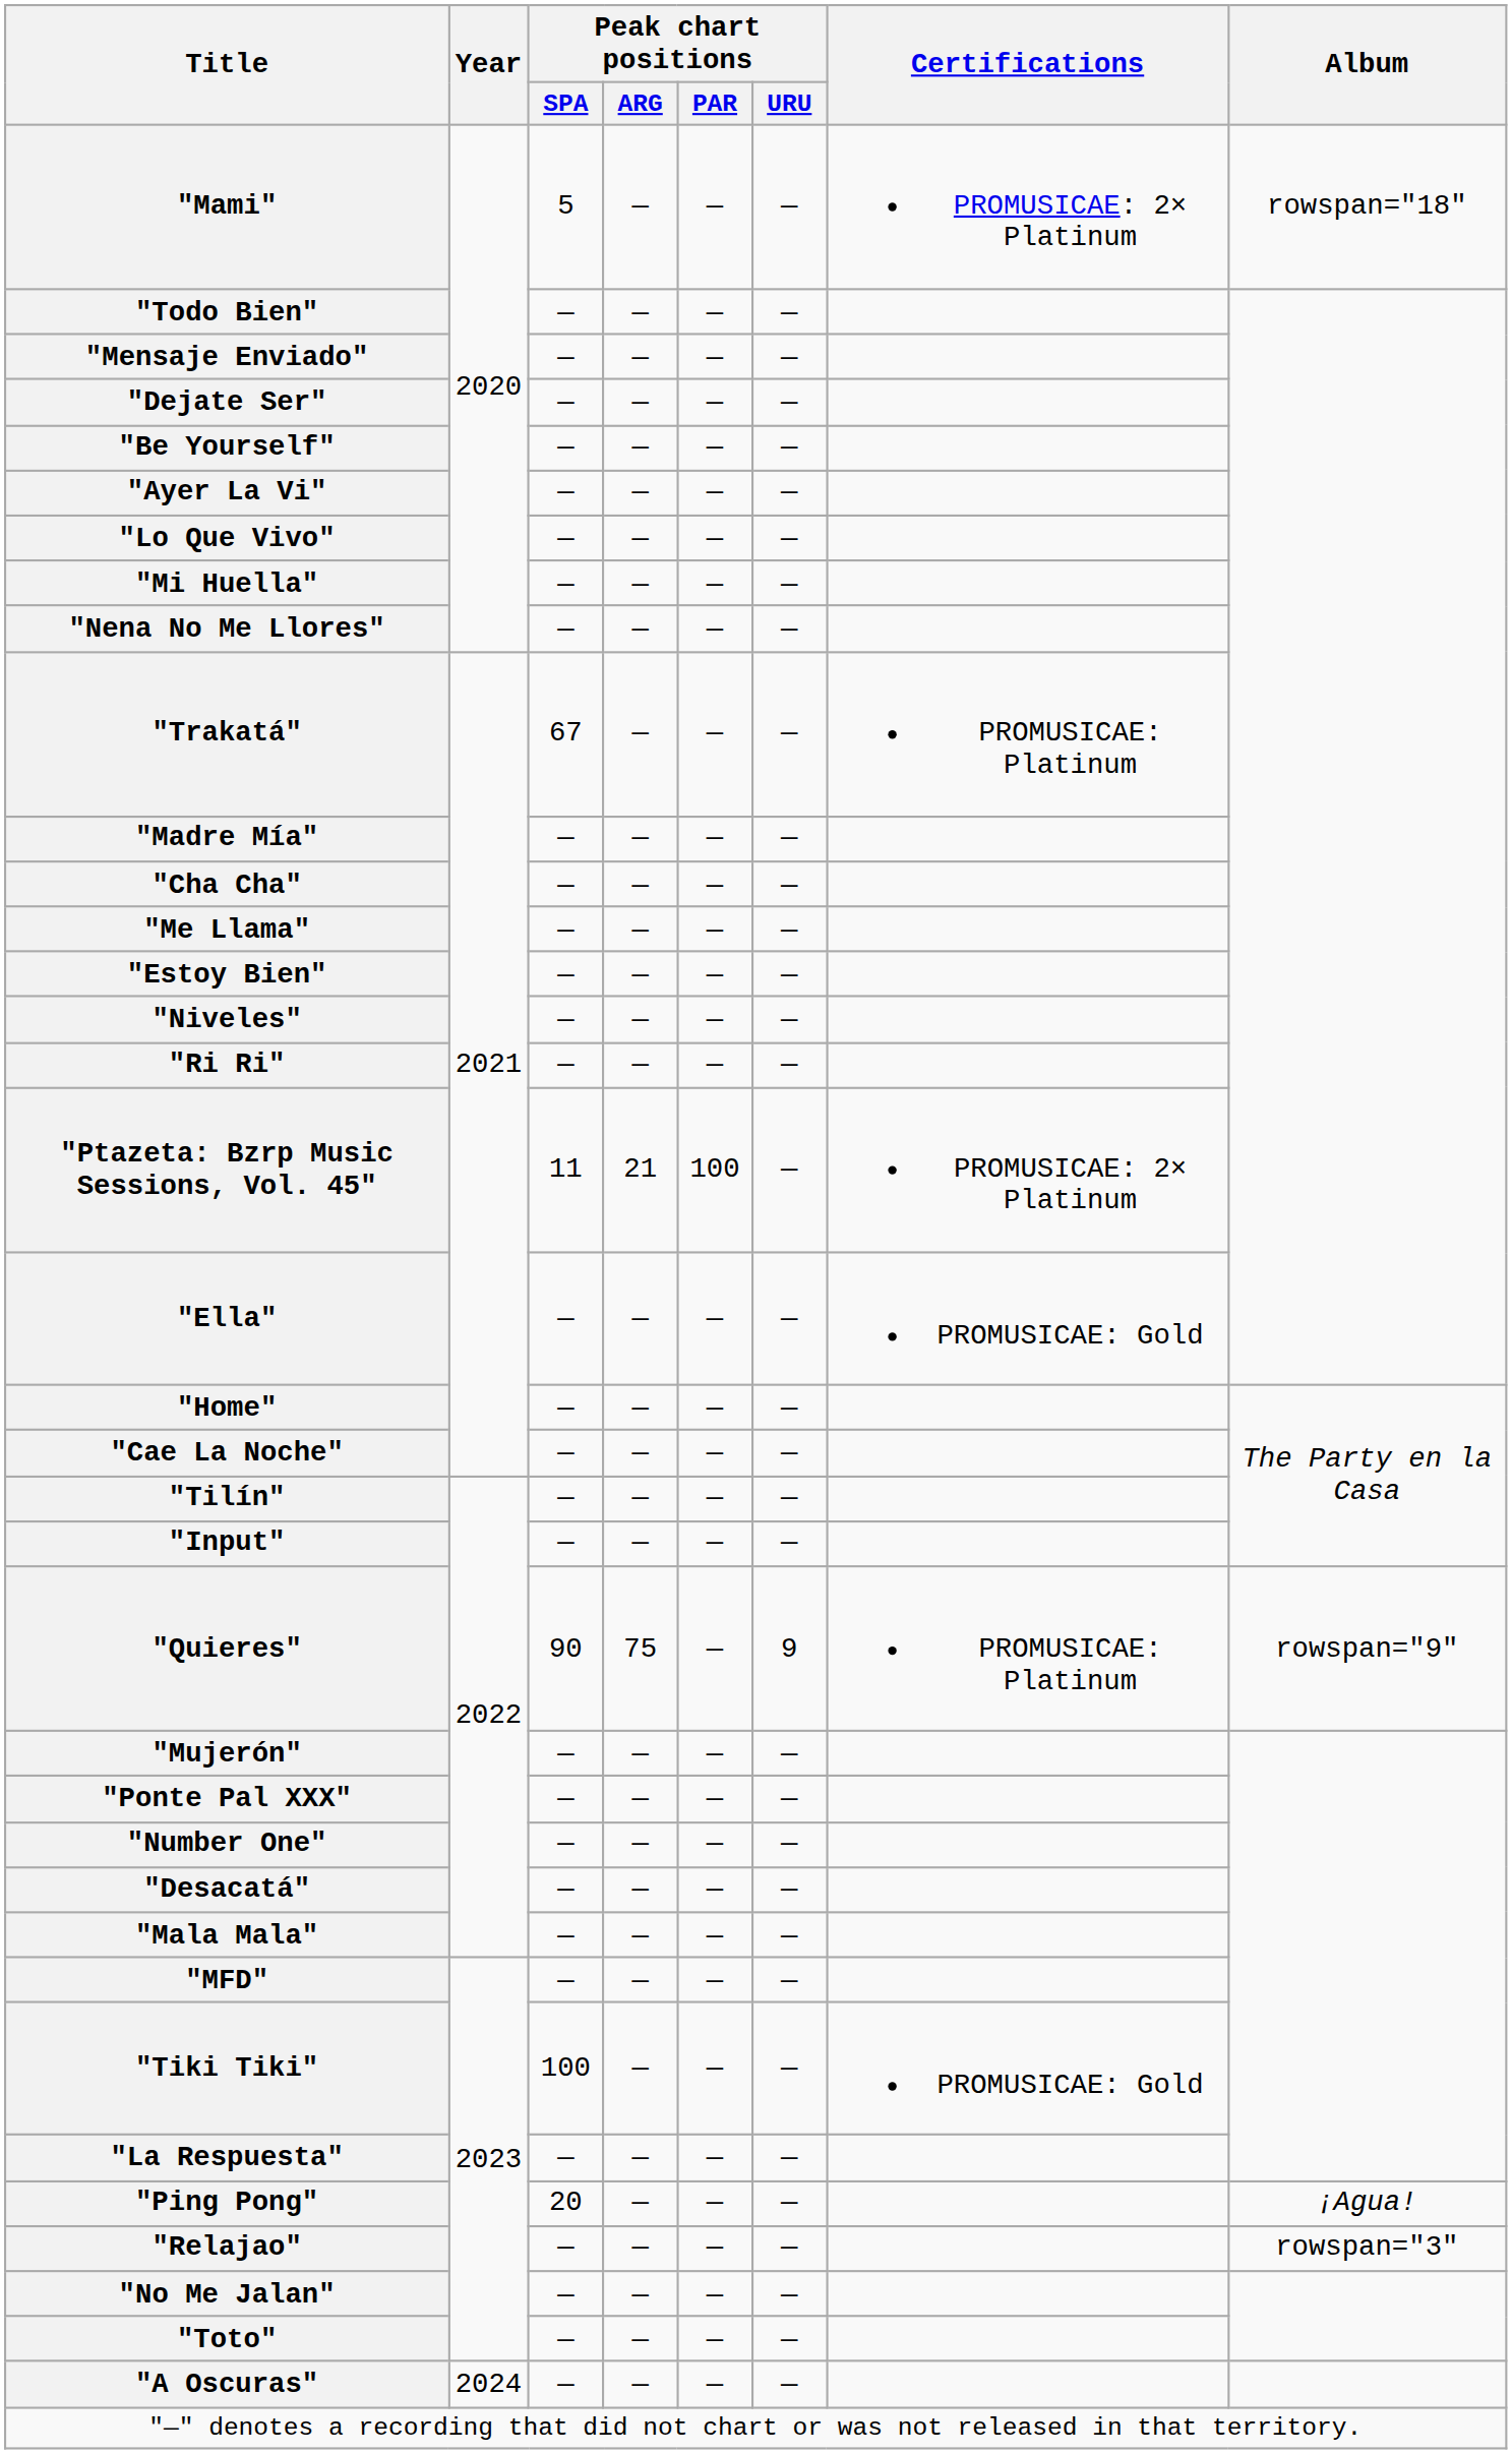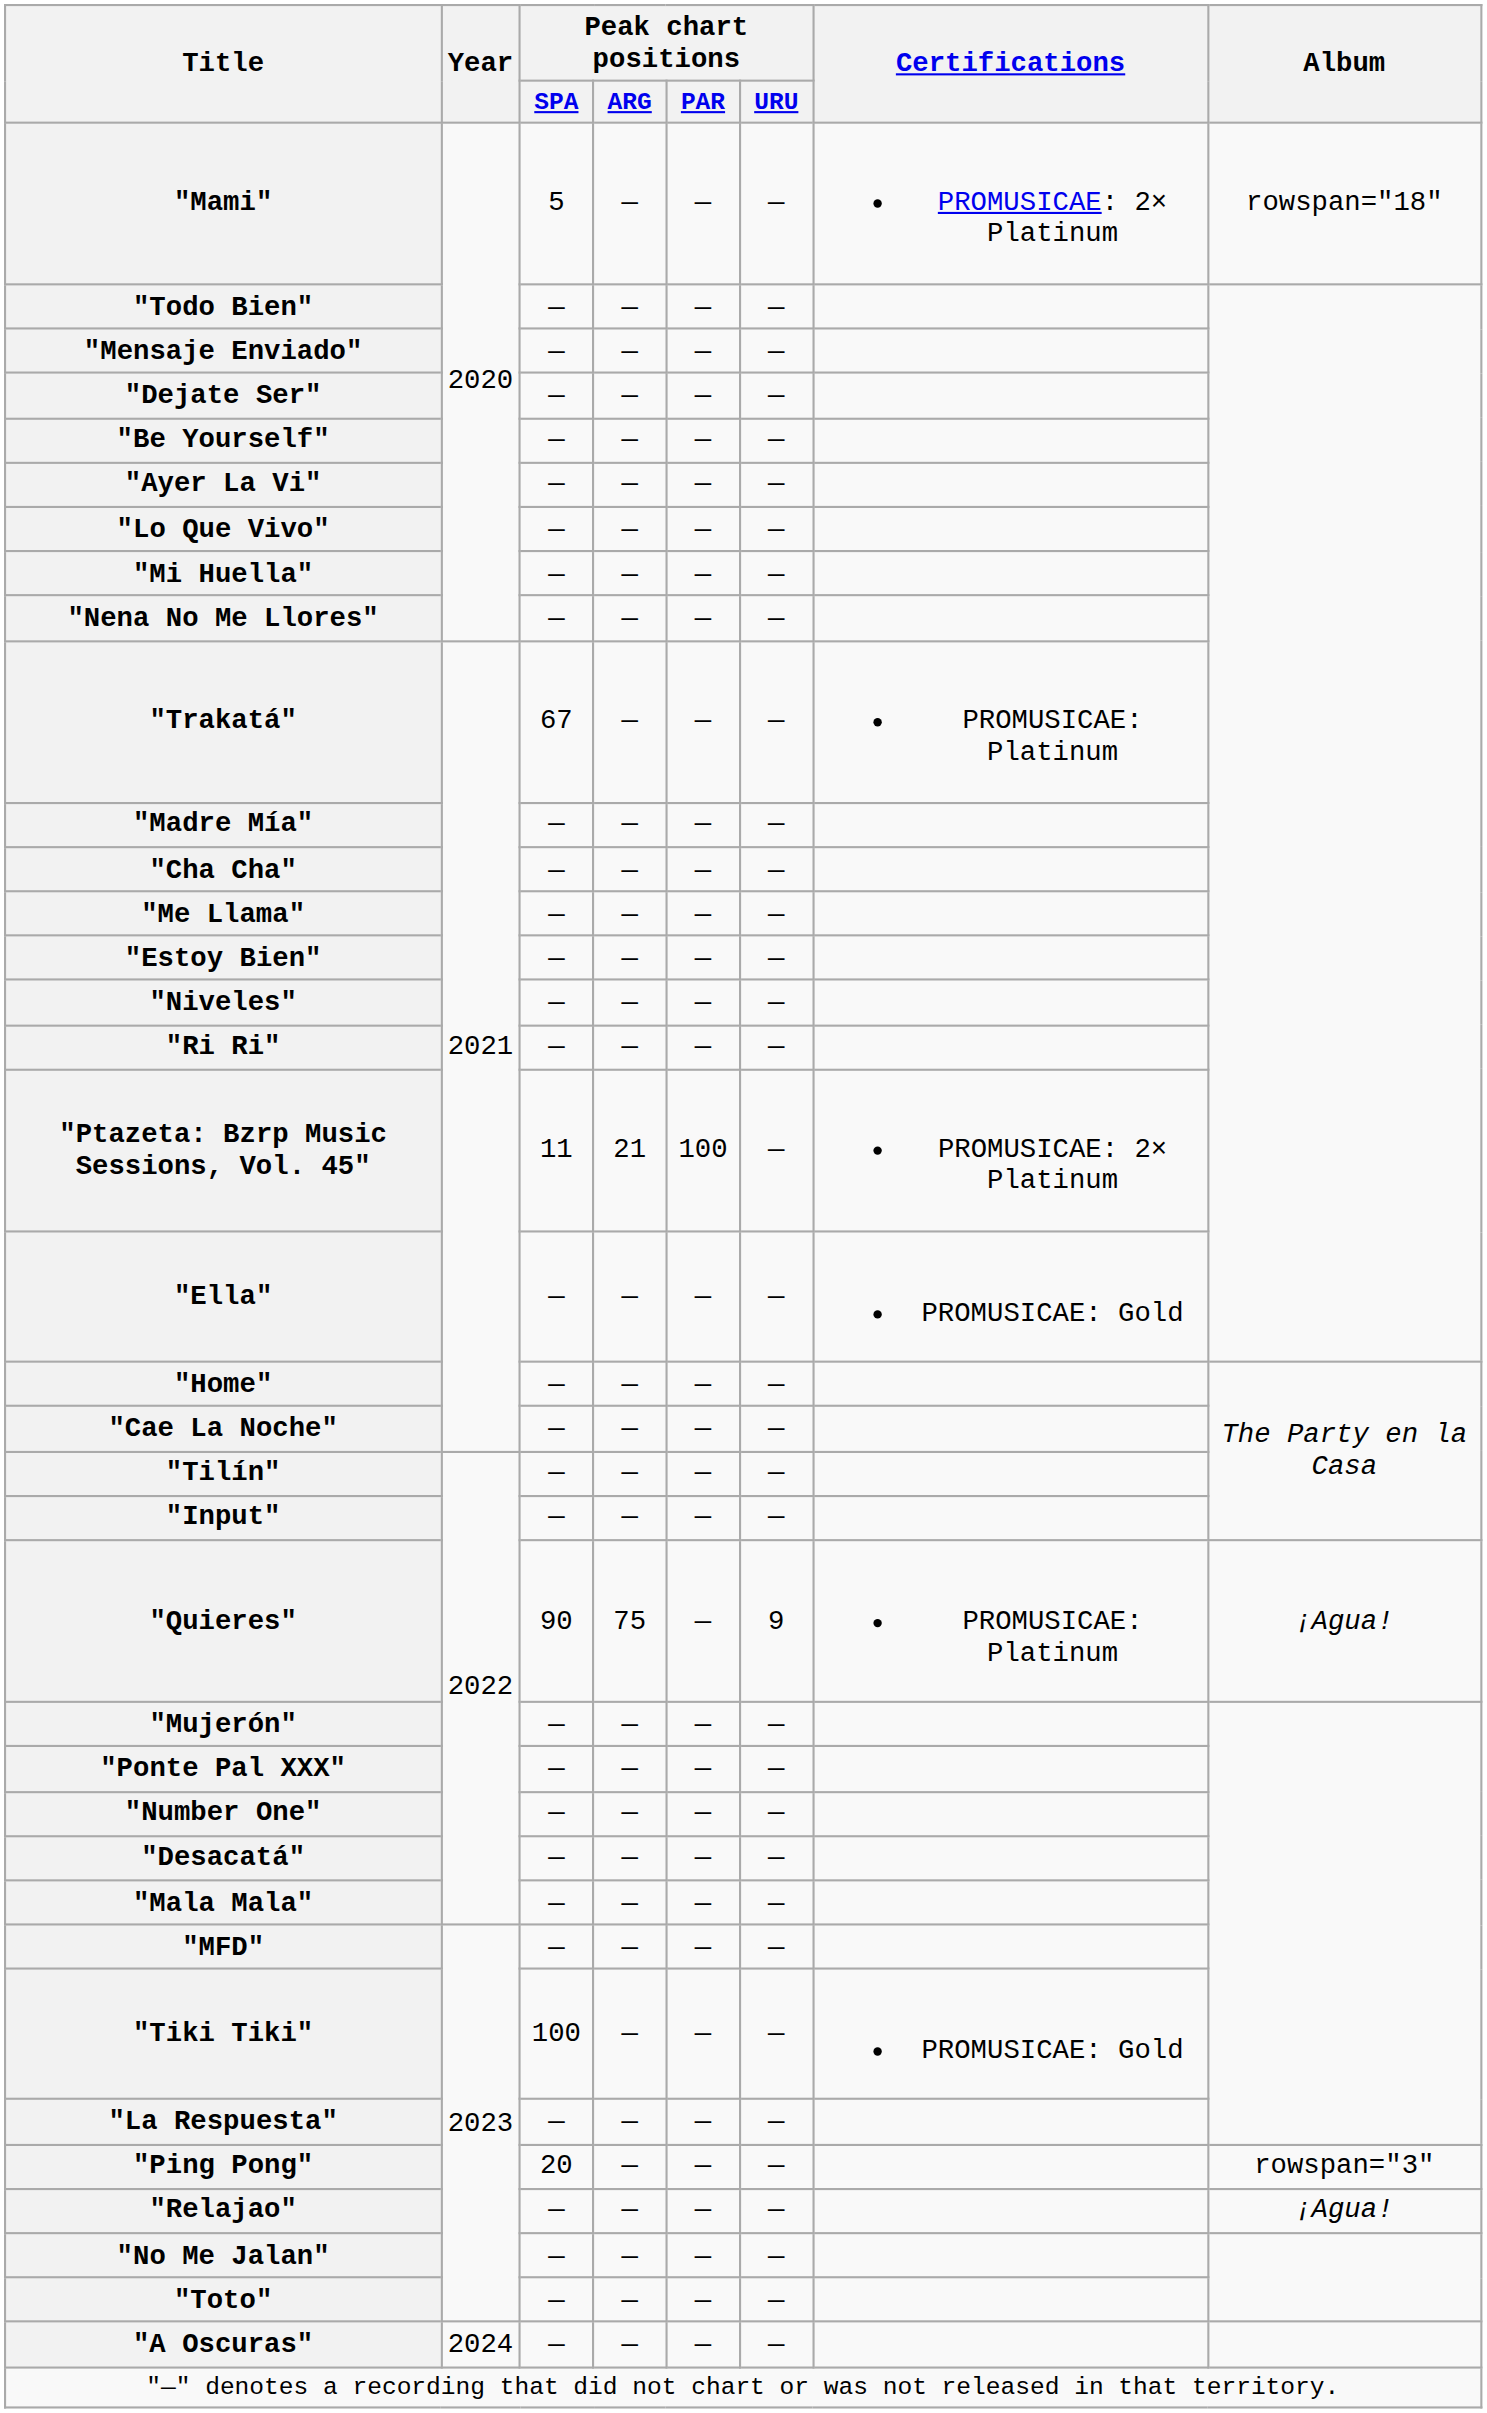 <table class="wikitable plainrowheaders" style="text-align:center;">
 <tr>
 <th scope="col" rowspan="2" style="width:15.5em;">Title</th>
 <th scope="col" rowspan="2" style="width:1em;">Year</th>
 <th scope="col" colspan="4">Peak chart positions</th>
 <th scope="col" rowspan="2" style="width:14em;"><a href='#'>Certifications</a></th>
 <th scope="col" rowspan="2" style="width:9.5em;">Album</th>
 </tr>
 <tr>
 <th scope="col" style="width:2.5em;font-size:90%;"><a href='#'>SPA</a><br></th>
 <th scope="col" style="width:2.5em;font-size:90%;"><a href='#'>ARG</a><br></th>
 <th scope="col" style="width:2.5em;font-size:90%;"><a href='#'>PAR</a><br></th>
 <th scope="col" style="width:2.5em;font-size:90%;"><a href='#'>URU</a><br></th>
 </tr>
 <tr>
 <th scope="row">"Mami"</th>
 <td rowspan="9">2020</td>
 <td>5</td>
 <td>—</td>
 <td>—</td>
 <td>—</td>
 <td><br><ul><li><a href='#'>PROMUSICAE</a>: 2× Platinum</li></ul></td>
 <td>rowspan="18" </td>
 </tr>
 <tr>
 <th scope="row">"Todo Bien"</th>
 <td>—</td>
 <td>—</td>
 <td>—</td>
 <td>—</td>
 <td></td>
 </tr>
 <tr>
 <th scope="row">"Mensaje Enviado"</th>
 <td>—</td>
 <td>—</td>
 <td>—</td>
 <td>—</td>
 <td></td>
 </tr>
 <tr>
 <th scope="row">"Dejate Ser"</th>
 <td>—</td>
 <td>—</td>
 <td>—</td>
 <td>—</td>
 <td></td>
 </tr>
 <tr>
 <th scope="row">"Be Yourself"</th>
 <td>—</td>
 <td>—</td>
 <td>—</td>
 <td>—</td>
 <td></td>
 </tr>
 <tr>
 <th scope="row">"Ayer La Vi"</th>
 <td>—</td>
 <td>—</td>
 <td>—</td>
 <td>—</td>
 <td></td>
 </tr>
 <tr>
 <th scope="row">"Lo Que Vivo"</th>
 <td>—</td>
 <td>—</td>
 <td>—</td>
 <td>—</td>
 <td></td>
 </tr>
 <tr>
 <th scope="row">"Mi Huella"</th>
 <td>—</td>
 <td>—</td>
 <td>—</td>
 <td>—</td>
 <td></td>
 </tr>
 <tr>
 <th scope="row">"Nena No Me Llores"</th>
 <td>—</td>
 <td>—</td>
 <td>—</td>
 <td>—</td>
 <td></td>
 </tr>
 <tr>
 <th scope="row">"Trakatá"<br></th>
 <td rowspan="11">2021</td>
 <td>67</td>
 <td>—</td>
 <td>—</td>
 <td>—</td>
 <td><br><ul><li>PROMUSICAE: Platinum</li></ul></td>
 </tr>
 <tr>
 <th scope="row">"Madre Mía"<br></th>
 <td>—</td>
 <td>—</td>
 <td>—</td>
 <td>—</td>
 <td></td>
 </tr>
 <tr>
 <th scope="row">"Cha Cha"<br></th>
 <td>—</td>
 <td>—</td>
 <td>—</td>
 <td>—</td>
 <td></td>
 </tr>
 <tr>
 <th scope="row">"Me Llama"</th>
 <td>—</td>
 <td>—</td>
 <td>—</td>
 <td>—</td>
 <td></td>
 </tr>
 <tr>
 <th scope="row">"Estoy Bien"</th>
 <td>—</td>
 <td>—</td>
 <td>—</td>
 <td>—</td>
 <td></td>
 </tr>
 <tr>
 <th scope="row">"Niveles"</th>
 <td>—</td>
 <td>—</td>
 <td>—</td>
 <td>—</td>
 <td></td>
 </tr>
 <tr>
 <th scope="row">"Ri Ri"</th>
 <td>—</td>
 <td>—</td>
 <td>—</td>
 <td>—</td>
 <td></td>
 </tr>
 <tr>
 <th scope="row">"Ptazeta: Bzrp Music Sessions, Vol. 45"<br></th>
 <td>11</td>
 <td>21</td>
 <td>100</td>
 <td>—</td>
 <td><br><ul><li>PROMUSICAE: 2× Platinum</li></ul></td>
 </tr>
 <tr>
 <th scope="row">"Ella"<br></th>
 <td>—</td>
 <td>—</td>
 <td>—</td>
 <td>—</td>
 <td><br><ul><li>PROMUSICAE: Gold</li></ul></td>
 </tr>
 <tr>
 <th scope="row">"Home"</th>
 <td>—</td>
 <td>—</td>
 <td>—</td>
 <td>—</td>
 <td></td>
 <td rowspan="4"><em>The Party en la Casa</em></td>
 </tr>
 <tr>
 <th scope="row">"Cae La Noche"</th>
 <td>—</td>
 <td>—</td>
 <td>—</td>
 <td>—</td>
 <td></td>
 </tr>
 <tr>
 <th scope="row">"Tilín"</th>
 <td rowspan="8">2022</td>
 <td>—</td>
 <td>—</td>
 <td>—</td>
 <td>—</td>
 <td></td>
 </tr>
 <tr>
 <th scope="row">"Input"</th>
 <td>—</td>
 <td>—</td>
 <td>—</td>
 <td>—</td>
 <td></td>
 </tr>
 <tr>
 <th scope="row">"Quieres"<br></th>
 <td>90</td>
 <td>75</td>
 <td>—</td>
 <td>9</td>
 <td><br><ul><li>PROMUSICAE: Platinum</li></ul></td>
-<td>rowspan="9" </td>
+<td><em>¡Agua!</em></td>
 </tr>
 <tr>
 <th scope="row">"Mujerón"<br></th>
 <td>—</td>
 <td>—</td>
 <td>—</td>
 <td>—</td>
 <td></td>
 </tr>
 <tr>
 <th scope="row">"Ponte Pal XXX"</th>
 <td>—</td>
 <td>—</td>
 <td>—</td>
 <td>—</td>
 <td></td>
 </tr>
 <tr>
 <th scope="row">"Number One"<br></th>
 <td>—</td>
 <td>—</td>
 <td>—</td>
 <td>—</td>
 <td></td>
 </tr>
 <tr>
 <th scope="row">"Desacatá"<br></th>
 <td>—</td>
 <td>—</td>
 <td>—</td>
 <td>—</td>
 <td></td>
 </tr>
 <tr>
 <th scope="row">"Mala Mala"</th>
 <td>—</td>
 <td>—</td>
 <td>—</td>
 <td>—</td>
 <td></td>
 </tr>
 <tr>
 <th scope="row">"MFD"</th>
 <td rowspan="7">2023</td>
 <td>—</td>
 <td>—</td>
 <td>—</td>
 <td>—</td>
 <td></td>
 </tr>
 <tr>
 <th scope="row">"Tiki Tiki"<br></th>
 <td>100</td>
 <td>—</td>
 <td>—</td>
 <td>—</td>
 <td><br><ul><li>PROMUSICAE: Gold</li></ul></td>
 </tr>
 <tr>
 <th scope="row">"La Respuesta"<br></th>
 <td>—</td>
 <td>—</td>
 <td>—</td>
 <td>—</td>
 <td></td>
 </tr>
 <tr>
 <th scope="row">"Ping Pong"<br></th>
 <td>20</td>
 <td>—</td>
 <td>—</td>
 <td>—</td>
 <td></td>
-<td><em>¡Agua!</em></td>
+<td>rowspan="3" </td>
 </tr>
 <tr>
 <th scope="row">"Relajao"</th>
 <td>—</td>
 <td>—</td>
 <td>—</td>
 <td>—</td>
 <td></td>
-<td>rowspan="3" </td>
+<td><em>¡Agua!</em></td>
 </tr>
 <tr>
 <th scope="row">"No Me Jalan"</th>
 <td>—</td>
 <td>—</td>
 <td>—</td>
 <td>—</td>
 <td></td>
 </tr>
 <tr>
 <th scope="row">"Toto"</th>
 <td>—</td>
 <td>—</td>
 <td>—</td>
 <td>—</td>
 <td></td>
 </tr>
 <tr>
 <th scope="row">"A Oscuras"<br></th>
 <td>2024</td>
 <td>—</td>
 <td>—</td>
 <td>—</td>
 <td>—</td>
 <td></td>
 <td></td>
 </tr>
 <tr>
 <td colspan="14" style="font-size:90%">"—" denotes a recording that did not chart or was not released in that territory.</td>
 </tr>
 </table>
